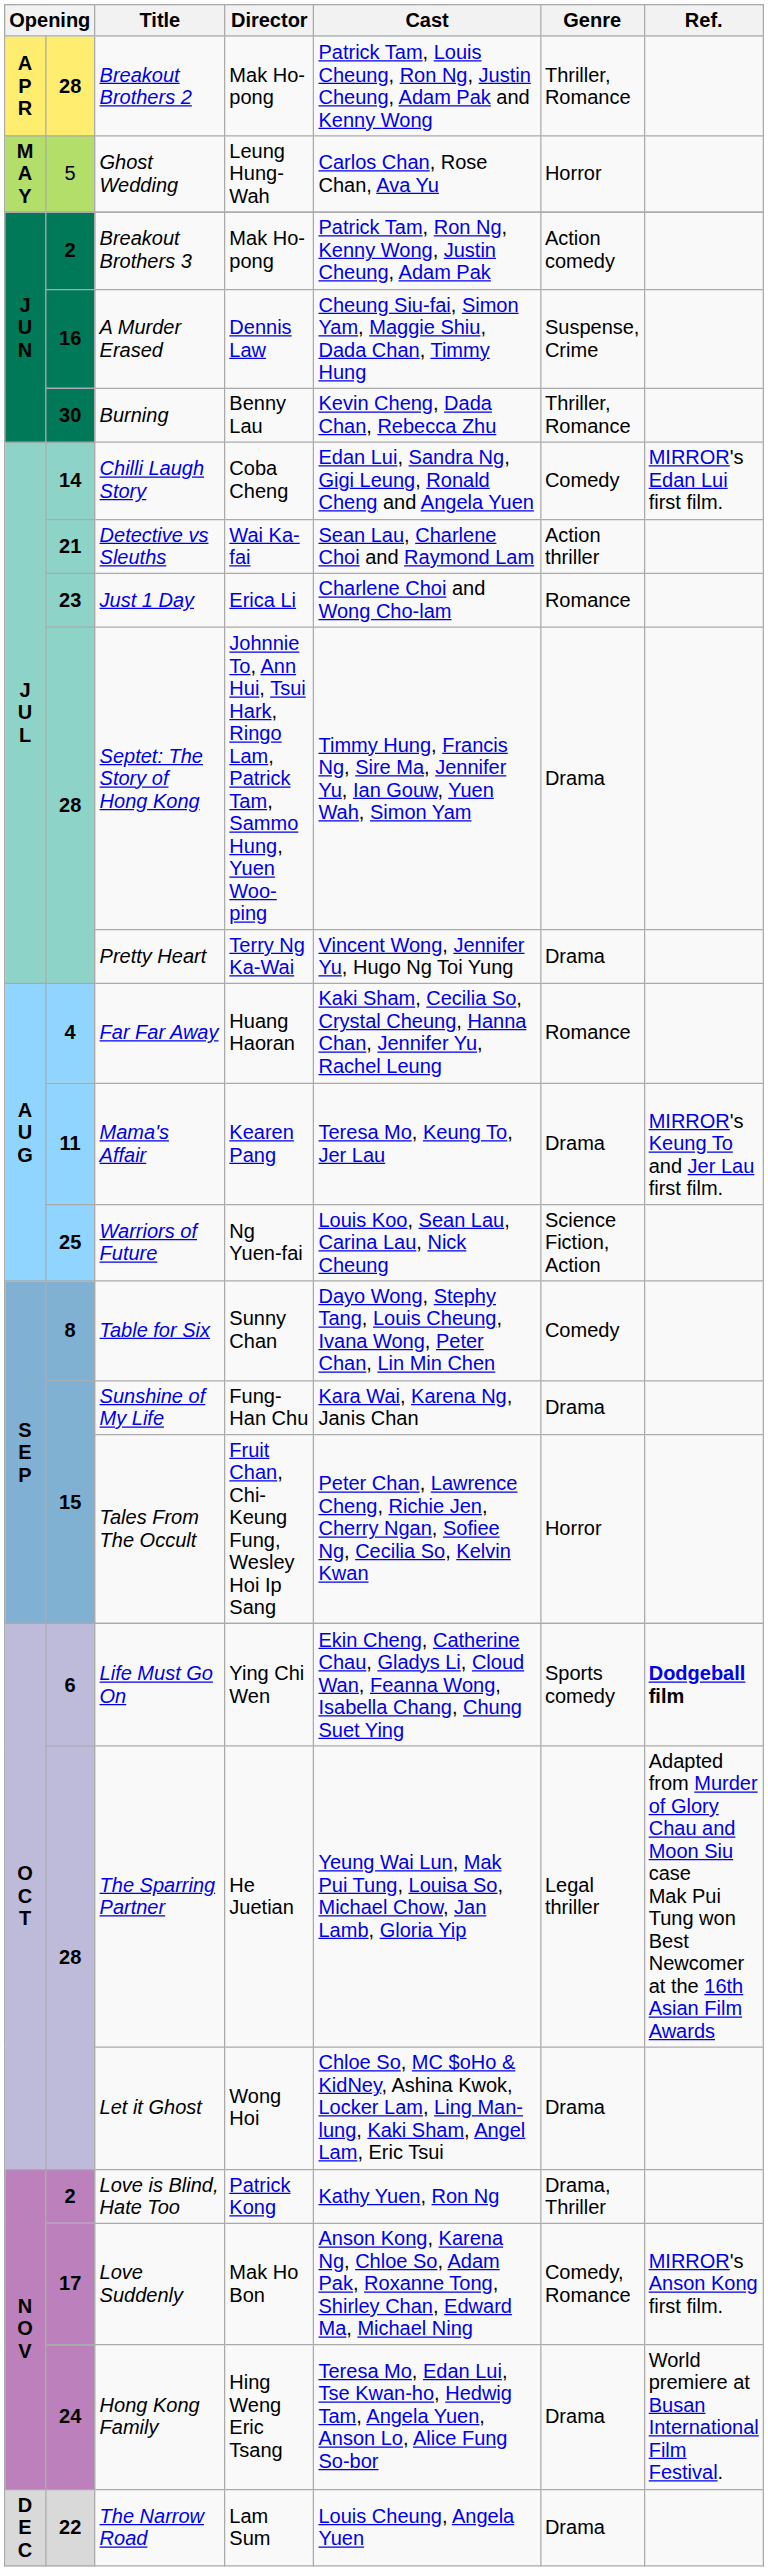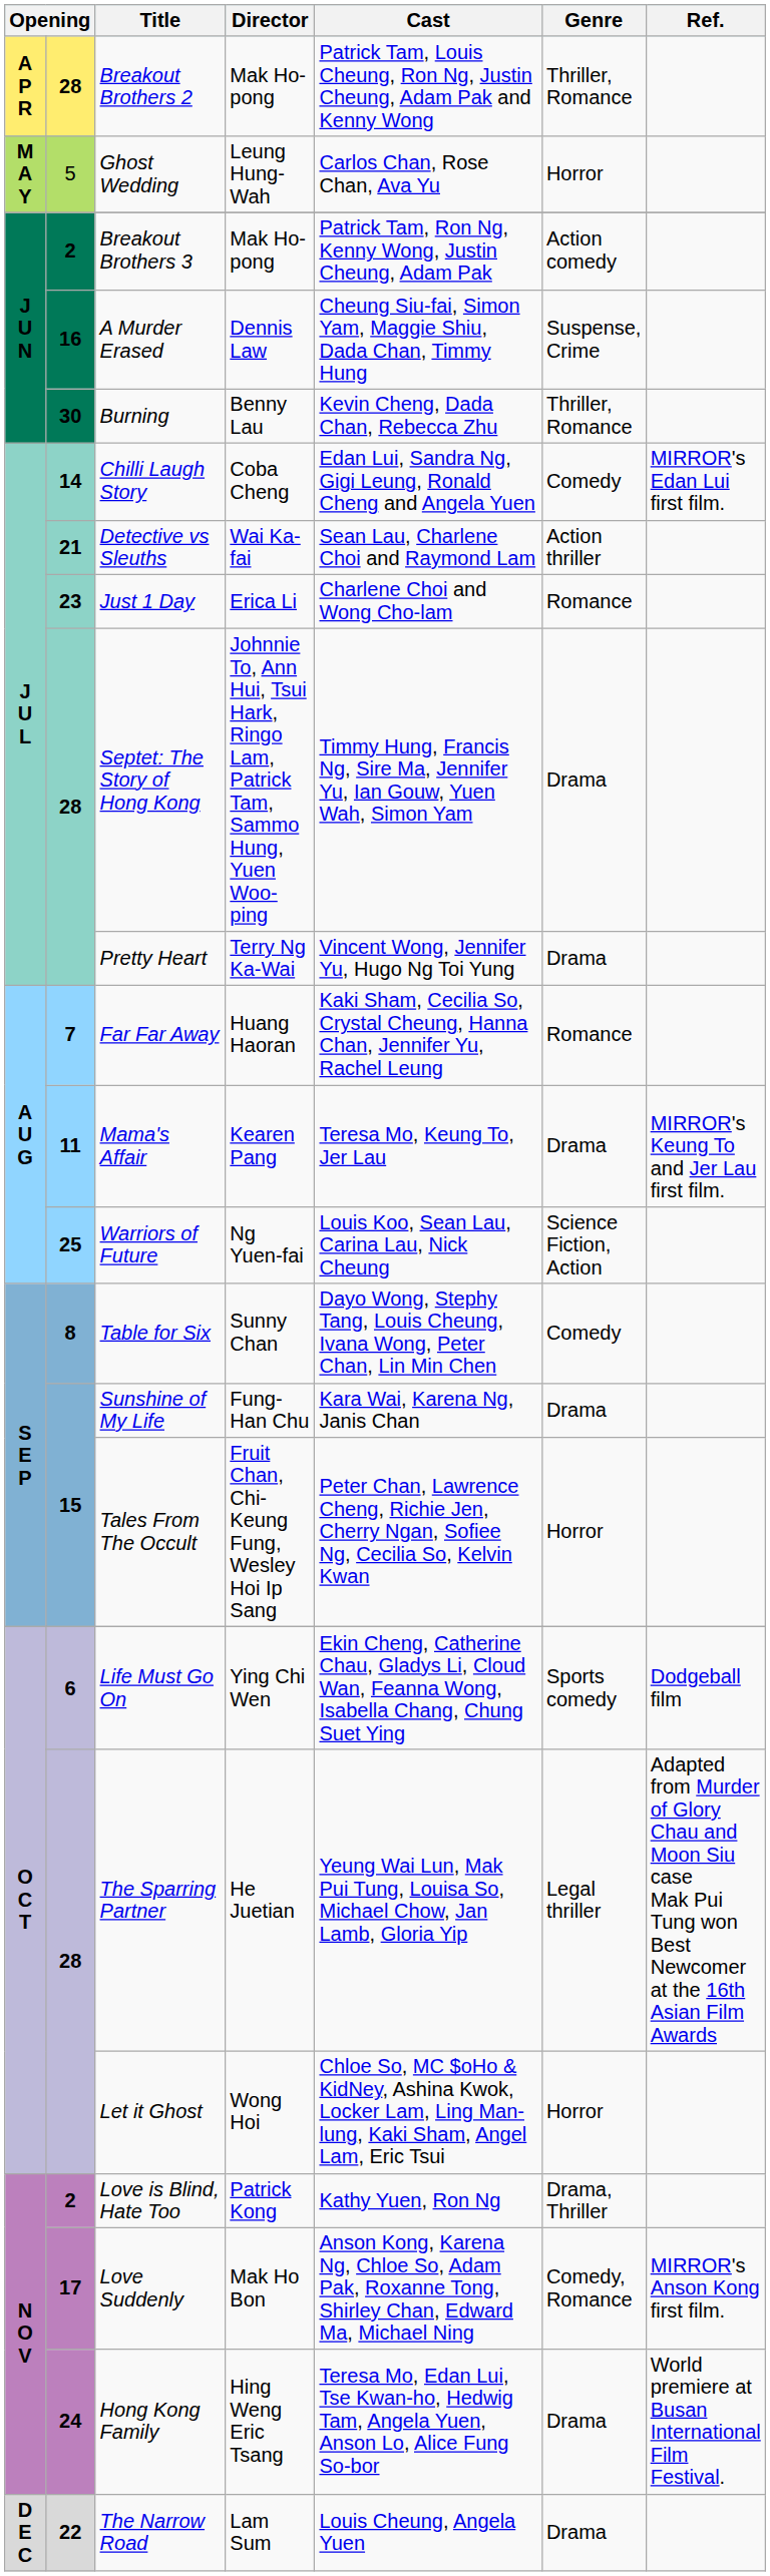 <table class="wikitable">
 <tr style="background:#b0e0e6; text-align:center;">
 <th colspan="2" style="width:6%;"><strong>Opening</strong></th>
 <th style="width:20%;"><strong>Title</strong></th>
 <th style="width:12%;"><strong>Director</strong></th>
 <th style="width:40%;"><strong>Cast</strong></th>
 <th style="width:12%;"><strong>Genre</strong></th>
 <th>Ref.</th>
 </tr>
 <tr>
 <th rowspan="1" style="text-align:center; background:#ffed6f; text color:#000;">A<br>P<br>R</th>
 <td rowspan="1" style="text-align:center; background:#ffed6f"><strong>28</strong></td>
 <td><em><a href='#'>Breakout Brothers 2</a></em></td>
 <td>Mak Ho-pong</td>
 <td><a href='#'>Patrick Tam</a>, <a href='#'>Louis Cheung</a>, <a href='#'>Ron Ng</a>, <a href='#'>Justin Cheung</a>, <a href='#'>Adam Pak</a> and <a href='#'>Kenny Wong</a></td>
 <td>Thriller, Romance</td>
 <td></td>
 </tr>
 <tr>
 <th rowspan="1" style="text-align:center; background:#b3de69; textcolor:#000;">M<br>A<br>Y</th>
 <td rowspan="1" style="text-align:center; background:#b3de69">5</td>
 <td><em>Ghost Wedding</em></td>
 <td>Leung Hung-Wah</td>
 <td><a href='#'>Carlos Chan</a>, Rose Chan, <a href='#'>Ava Yu</a></td>
 <td>Horror</td>
 <td></td>
 </tr>
 <tr>
 </tr>
 <tr June!>
 <th rowspan="3" style="text-align:center; background:#007958; textcolor:#000;">J<br>U<br>N</th>
 <td rowspan="1" style="text-align:center; background:#007958"><strong>2</strong></td>
 <td><em>Breakout Brothers 3</em></td>
 <td>Mak Ho-pong</td>
 <td><a href='#'>Patrick Tam</a>, <a href='#'>Ron Ng</a>, <a href='#'>Kenny Wong</a>, <a href='#'>Justin Cheung</a>, <a href='#'>Adam Pak</a></td>
 <td>Action comedy</td>
 <td></td>
 </tr>
 <tr>
 <td rowspan="1" style="text-align:center; background:#007958"><strong>16</strong></td>
 <td><em>A Murder Erased</em></td>
 <td><a href='#'>Dennis Law</a></td>
 <td><a href='#'>Cheung Siu-fai</a>, <a href='#'>Simon Yam</a>, <a href='#'>Maggie Shiu</a>, <a href='#'>Dada Chan</a>, <a href='#'>Timmy Hung</a></td>
 <td>Suspense, Crime</td>
 </tr>
 <tr>
 <td rowspan="1" style="text-align:center; background:#007958"><strong>30</strong></td>
 <td><em>Burning</em></td>
 <td>Benny Lau</td>
 <td><a href='#'>Kevin Cheng</a>, <a href='#'>Dada Chan</a>, <a href='#'>Rebecca Zhu</a></td>
 <td>Thriller, Romance</td>
 <td></td>
 </tr>
 <tr July!>
 <th rowspan="5" style="text-align:center; background:#8dd3c7; textcolor:#000;">J<br>U<br>L</th>
 <td rowspan="1" style="text-align:center; background:#8dd3c7"><strong>14</strong></td>
 <td><em><a href='#'>Chilli Laugh Story</a></em></td>
 <td>Coba Cheng</td>
 <td><a href='#'>Edan Lui</a>, <a href='#'>Sandra Ng</a>, <a href='#'>Gigi Leung</a>, <a href='#'>Ronald Cheng</a> and <a href='#'>Angela Yuen</a></td>
 <td>Comedy</td>
 <td><a href='#'>MIRROR</a>'s <a href='#'>Edan Lui</a> first film.</td>
 </tr>
 <tr>
 <td rowspan="1" style="text-align:center; background:#8dd3c7"><strong>21</strong></td>
 <td><em><a href='#'>Detective vs Sleuths</a></em></td>
 <td><a href='#'>Wai Ka-fai</a></td>
 <td><a href='#'>Sean Lau</a>, <a href='#'>Charlene Choi</a> and <a href='#'>Raymond Lam</a></td>
 <td>Action thriller</td>
 <td></td>
 </tr>
 <tr>
 <td rowspan="1" style="text-align:center; background:#8dd3c7"><strong>23</strong></td>
 <td><em><a href='#'>Just 1 Day</a></em></td>
 <td><a href='#'>Erica Li</a></td>
 <td><a href='#'>Charlene Choi</a> and <a href='#'>Wong Cho-lam</a></td>
 <td>Romance</td>
 <td></td>
 </tr>
 <tr>
 <td rowspan="2" style="text-align:center; background:#8dd3c7"><strong>28</strong></td>
 <td><em><a href='#'>Septet: The Story of Hong Kong</a></em></td>
 <td><a href='#'>Johnnie To</a>, <a href='#'>Ann Hui</a>, <a href='#'>Tsui Hark</a>, <a href='#'>Ringo Lam</a>, <a href='#'>Patrick Tam</a>, <a href='#'>Sammo Hung</a>, <a href='#'>Yuen Woo-ping</a></td>
 <td><a href='#'>Timmy Hung</a>, <a href='#'>Francis Ng</a>, <a href='#'>Sire Ma</a>, <a href='#'>Jennifer Yu</a>, <a href='#'>Ian Gouw</a>, <a href='#'>Yuen Wah</a>, <a href='#'>Simon Yam</a></td>
 <td>Drama</td>
 <td></td>
 </tr>
 <tr>
 <td><em>Pretty Heart</em></td>
 <td><a href='#'>Terry Ng Ka-Wai</a></td>
 <td><a href='#'>Vincent Wong</a>, <a href='#'>Jennifer Yu</a>, Hugo Ng Toi Yung</td>
 <td>Drama</td>
 <td></td>
 </tr>
 <tr August!>
 <th rowspan="3" style="text-align:center; background:#90d5ff; textcolor:#000;">A<br>U<br>G</th>
-<td rowspan="1" style="text-align:center; background:#90d5ff"><strong>4</strong></td>
+<td rowspan="1" style="text-align:center; background:#90d5ff"><strong>7</strong></td>
 <td><em><a href='#'>Far Far Away</a></em></td>
 <td>Huang Haoran</td>
 <td><a href='#'>Kaki Sham</a>, <a href='#'>Cecilia So</a>, <a href='#'>Crystal Cheung</a>, <a href='#'>Hanna Chan</a>, <a href='#'>Jennifer Yu</a>, <a href='#'>Rachel Leung</a></td>
 <td>Romance</td>
 <td></td>
 </tr>
 <tr>
 <td rowspan="1" style="text-align:center; background:#90d5ff"><strong>11</strong></td>
 <td><em><a href='#'>Mama's Affair</a></em></td>
 <td><a href='#'>Kearen Pang</a></td>
 <td><a href='#'>Teresa Mo</a>, <a href='#'>Keung To</a>, <a href='#'>Jer Lau</a></td>
 <td>Drama</td>
 <td><br><a href='#'>MIRROR</a>'s <a href='#'>Keung To</a> and <a href='#'>Jer Lau</a> first film.</td>
 </tr>
 <tr>
 <td rowspan="1" style="text-align:center; background:#90d5ff"><strong>25</strong></td>
 <td><em><a href='#'>Warriors of Future</a></em></td>
 <td>Ng Yuen-fai</td>
 <td><a href='#'>Louis Koo</a>, <a href='#'>Sean Lau</a>, <a href='#'>Carina Lau</a>, <a href='#'>Nick Cheung</a></td>
 <td>Science Fiction, Action</td>
 <td></td>
 </tr>
 <tr September!>
 <th rowspan="3" style="text-align:center; background:#80b1d3; textcolor:#000;">S<br>E<br>P</th>
 <td rowspan="1" style="text-align:center;background:#80b1d3"><strong>8</strong></td>
 <td><em><a href='#'>Table for Six</a></em></td>
 <td>Sunny Chan</td>
 <td><a href='#'>Dayo Wong</a>, <a href='#'>Stephy Tang</a>, <a href='#'>Louis Cheung</a>, <a href='#'>Ivana Wong</a>, <a href='#'>Peter Chan</a>, <a href='#'>Lin Min Chen</a></td>
 <td>Comedy</td>
 <td></td>
 </tr>
 <tr>
 <td rowspan="2" style="text-align:center;background:#80b1d3"><strong>15</strong></td>
 <td><em><a href='#'>Sunshine of My Life</a></em></td>
 <td>Fung-Han Chu</td>
 <td><a href='#'>Kara Wai</a>, <a href='#'>Karena Ng</a>, Janis Chan</td>
 <td>Drama</td>
 <td></td>
 </tr>
 <tr>
 <td><em>Tales From The Occult</em></td>
 <td><a href='#'>Fruit Chan</a>, Chi-Keung Fung, Wesley Hoi Ip Sang</td>
 <td><a href='#'>Peter Chan</a>, <a href='#'>Lawrence Cheng</a>, <a href='#'>Richie Jen</a>, <a href='#'>Cherry Ngan</a>, <a href='#'>Sofiee Ng</a>, <a href='#'>Cecilia So</a>, <a href='#'>Kelvin Kwan</a></td>
 <td>Horror</td>
 <td></td>
 </tr>
 <tr>
 </tr>
 <tr October!>
 <th rowspan="3" style="text-align:center; background:#bebada; textcolor:#000;">O<br>C<br>T</th>
 <td rowspan="1" style="text-align:center; background:#bebada"><strong>6</strong></td>
 <td><em><a href='#'>Life Must Go On</a></em></td>
 <td>Ying Chi Wen</td>
 <td><a href='#'>Ekin Cheng</a>, <a href='#'>Catherine Chau</a>, <a href='#'>Gladys Li</a>, <a href='#'>Cloud Wan</a>, <a href='#'>Feanna Wong</a>, <a href='#'>Isabella Chang</a>, <a href='#'>Chung Suet Ying</a></td>
 <td>Sports comedy</td>
-<td><strong><a href='#'>Dodgeball</a> film</strong></td>
+<td><a href='#'>Dodgeball</a> film</td>
 </tr>
 <tr>
 <td rowspan="2" style="text-align:center; background:#bebada"><strong>28</strong></td>
 <td><em><a href='#'>The Sparring Partner</a></em></td>
 <td>He Juetian</td>
 <td><a href='#'>Yeung Wai Lun</a>, <a href='#'>Mak Pui Tung</a>, <a href='#'>Louisa So</a>, <a href='#'>Michael Chow</a>, <a href='#'>Jan Lamb</a>, <a href='#'>Gloria Yip</a></td>
 <td>Legal thriller</td>
 <td> Adapted from <a href='#'>Murder of Glory Chau and Moon Siu</a> case<br>Mak Pui Tung won Best Newcomer at the <a href='#'>16th Asian Film Awards</a></td>
 </tr>
 <tr>
 <td><em>Let it Ghost</em></td>
 <td>Wong Hoi</td>
 <td><a href='#'>Chloe So</a>, <a href='#'>MC $oHo & KidNey</a>, Ashina Kwok, <a href='#'>Locker Lam</a>, <a href='#'>Ling Man-lung</a>, <a href='#'>Kaki Sham</a>, <a href='#'>Angel Lam</a>, Eric Tsui</td>
-<td>Drama</td>
+<td>Horror</td>
 <td></td>
 </tr>
 <tr>
 <th rowspan="3" style="text-align:center; background:#bc80bd; textcolor:#000;">N<br>O<br>V</th>
 <td rowspan="1" style="text-align:center; background:#bc80bd"><strong>2</strong></td>
 <td><em>Love is Blind, Hate Too</em></td>
 <td><a href='#'>Patrick Kong</a></td>
 <td><a href='#'>Kathy Yuen</a>, <a href='#'>Ron Ng</a></td>
 <td>Drama, Thriller</td>
 </tr>
 <tr>
 <td rowspan="1" style="text-align:center; background:#bc80bd"><strong>17</strong></td>
 <td><em>Love Suddenly</em></td>
 <td>Mak Ho Bon</td>
 <td><a href='#'>Anson Kong</a>, <a href='#'>Karena Ng</a>, <a href='#'>Chloe So</a>, <a href='#'>Adam Pak</a>, <a href='#'>Roxanne Tong</a>, <a href='#'>Shirley Chan</a>, <a href='#'>Edward Ma</a>, <a href='#'>Michael Ning</a></td>
 <td>Comedy, Romance</td>
 <td><a href='#'>MIRROR</a>'s <a href='#'>Anson Kong</a> first film.</td>
 </tr>
 <tr>
 <td rowspan="1" style="text-align:center; background:#bc80bd"><strong>24</strong></td>
 <td><em>Hong Kong Family</em></td>
 <td>Hing Weng Eric Tsang</td>
 <td><a href='#'>Teresa Mo</a>, <a href='#'>Edan Lui</a>, <a href='#'>Tse Kwan-ho</a>, <a href='#'>Hedwig Tam</a>, <a href='#'>Angela Yuen</a>, <a href='#'>Anson Lo</a>, <a href='#'>Alice Fung So-bor</a></td>
 <td>Drama</td>
 <td> World premiere at <a href='#'>Busan International Film Festival</a>.</td>
 </tr>
 <tr>
 <th rowspan="1" style="text-align:center; background:#d9d9d9; textcolor:#000;">D<br>E<br>C</th>
 <td rowspan="1" style="text-align:center; background:#d9d9d9"><strong>22</strong></td>
 <td><em><a href='#'>The Narrow Road</a></em></td>
 <td>Lam Sum</td>
 <td><a href='#'>Louis Cheung</a>, <a href='#'>Angela Yuen</a></td>
 <td>Drama</td>
 <td></td>
 </tr>
 </table>
